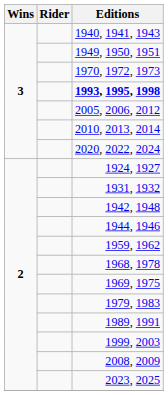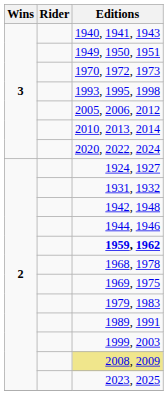 <table class="wikitable">
 <tr>
 <th>Wins</th>
 <th>Rider</th>
 <th>Editions</th>
 </tr>
 <tr>
 <td align=center rowspan= 7><strong>3</strong></td>
 <td></td>
 <td><a href='#'>1940</a>, <a href='#'>1941</a>, <a href='#'>1943</a></td>
 </tr>
 <tr>
 <td></td>
 <td><a href='#'>1949</a>, <a href='#'>1950</a>, <a href='#'>1951</a></td>
 </tr>
 <tr>
 <td></td>
 <td><a href='#'>1970</a>, <a href='#'>1972</a>, <a href='#'>1973</a></td>
 </tr>
 <tr>
 <td></td>
-<td><strong><a href='#'>1993</a>, <a href='#'>1995</a>, <a href='#'>1998</a></strong></td>
+<td><a href='#'>1993</a>, <a href='#'>1995</a>, <a href='#'>1998</a></td>
 </tr>
 <tr>
 <td></td>
 <td><a href='#'>2005</a>, <a href='#'>2006</a>, <a href='#'>2012</a></td>
 </tr>
 <tr>
 <td></td>
 <td><a href='#'>2010</a>, <a href='#'>2013</a>, <a href='#'>2014</a></td>
 </tr>
 <tr>
 <td></td>
 <td align=right><a href='#'>2020</a>, <a href='#'>2022</a>, <a href='#'>2024</a></td>
 </tr>
 <tr>
 <td align=center rowspan= 12><strong>2</strong></td>
 <td></td>
 <td align=right><a href='#'>1924</a>, <a href='#'>1927</a></td>
 </tr>
 <tr>
 <td></td>
 <td align=right><a href='#'>1931</a>, <a href='#'>1932</a></td>
 </tr>
 <tr>
 <td></td>
 <td align=right><a href='#'>1942</a>, <a href='#'>1948</a></td>
 </tr>
 <tr>
 <td></td>
 <td align=right><a href='#'>1944</a>, <a href='#'>1946</a></td>
 </tr>
 <tr>
 <td></td>
-<td align=right><a href='#'>1959</a>, <a href='#'>1962</a></td>
+<td align=right><strong><a href='#'>1959</a>, <a href='#'>1962</a></strong></td>
 </tr>
 <tr>
 <td></td>
 <td align=right><a href='#'>1968</a>, <a href='#'>1978</a></td>
 </tr>
 <tr>
 <td></td>
 <td align=right><a href='#'>1969</a>, <a href='#'>1975</a></td>
 </tr>
 <tr>
 <td></td>
 <td align=right><a href='#'>1979</a>, <a href='#'>1983</a></td>
 </tr>
 <tr>
 <td></td>
 <td align=right><a href='#'>1989</a>, <a href='#'>1991</a></td>
 </tr>
 <tr>
 <td></td>
 <td align=right><a href='#'>1999</a>, <a href='#'>2003</a></td>
 </tr>
 <tr>
 <td></td>
-<td align=right><a href='#'>2008</a>, <a href='#'>2009</a></td>
+<td align=right style="background: khaki;"><a href='#'>2008</a>, <a href='#'>2009</a></td>
 </tr>
 <tr>
 <td></td>
 <td align=right><a href='#'>2023</a>, <a href='#'>2025</a></td>
 </tr>
 <tr>
 </tr>
 </table>
